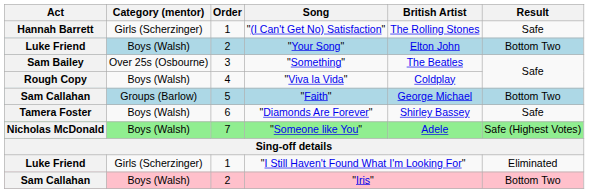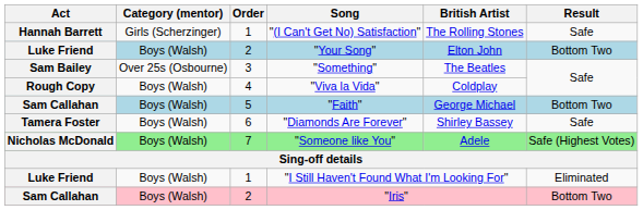 <table class="wikitable plainrowheaders" style="text-align:center;">
 <tr>
 <th scope="col">Act</th>
 <th scope="col">Category (mentor)</th>
 <th scope="col">Order</th>
 <th scope="col">Song</th>
 <th>British Artist</th>
 <th scope="col">Result</th>
 </tr>
 <tr>
 <th scope="row">Hannah Barrett</th>
 <td>Girls (Scherzinger)</td>
 <td>1</td>
 <td>"<a href='#'>(I Can't Get No) Satisfaction</a>"</td>
 <td><a href='#'>The Rolling Stones</a></td>
 <td>Safe</td>
 </tr>
 <tr style="background:lightblue;">
 <th scope="row">Luke Friend</th>
 <td>Boys (Walsh)</td>
 <td>2</td>
 <td>"<a href='#'>Your Song</a>"</td>
 <td><a href='#'>Elton John</a></td>
 <td>Bottom Two</td>
 </tr>
 <tr>
 <th scope="row">Sam Bailey</th>
 <td>Over 25s (Osbourne)</td>
 <td>3</td>
 <td>"<a href='#'>Something</a>"</td>
 <td><a href='#'>The Beatles</a></td>
 <td rowspan=2>Safe</td>
 </tr>
 <tr>
 <th scope="row">Rough Copy</th>
 <td>Boys (Walsh)</td>
 <td>4</td>
 <td>"<a href='#'>Viva la Vida</a>"</td>
 <td><a href='#'>Coldplay</a></td>
 </tr>
 <tr style="background:lightblue;">
 <th scope="row">Sam Callahan</th>
-<td>Groups (Barlow)</td>
+<td>Boys (Walsh)</td>
 <td>5</td>
 <td>"<a href='#'>Faith</a>"</td>
 <td><a href='#'>George Michael</a></td>
 <td>Bottom Two</td>
 </tr>
 <tr>
 <th scope="row">Tamera Foster</th>
 <td>Boys (Walsh)</td>
 <td>6</td>
 <td>"<a href='#'>Diamonds Are Forever</a>"</td>
 <td><a href='#'>Shirley Bassey</a></td>
 <td>Safe</td>
 </tr>
 <tr style="background:lightgreen;">
 <th scope="row">Nicholas McDonald</th>
 <td>Boys (Walsh)</td>
 <td>7</td>
 <td>"<a href='#'>Someone like You</a>"</td>
 <td><a href='#'>Adele</a></td>
 <td>Safe (Highest Votes)</td>
 </tr>
 <tr>
 <th colspan="6">Sing-off details</th>
 </tr>
 <tr>
 <th scope="row">Luke Friend</th>
-<td>Girls (Scherzinger)</td>
+<td>Boys (Walsh)</td>
 <td>1</td>
 <td colspan="2">"<a href='#'>I Still Haven't Found What I'm Looking For</a>"</td>
 <td>Eliminated</td>
 </tr>
 <tr style="background:pink;">
 <th scope="row">Sam Callahan</th>
 <td>Boys (Walsh)</td>
 <td>2</td>
 <td colspan="2">"<a href='#'>Iris</a>"</td>
 <td>Bottom Two</td>
 </tr>
 </table>
